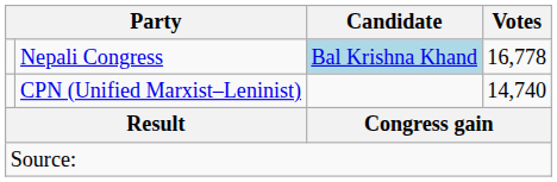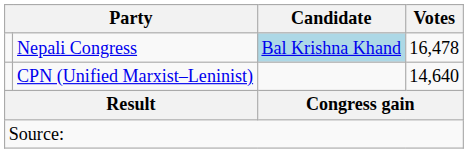 <table class="wikitable">
 <tr>
 <th colspan="2">Party</th>
 <th>Candidate</th>
 <th>Votes</th>
 </tr>
 <tr>
 <td style="background-color:"></td>
 <td><a href='#'>Nepali Congress</a></td>
 <td style="background: lightblue;"><a href='#'>Bal Krishna Khand</a></td>
-<td>16,778</td>
+<td>16,478</td>
 </tr>
 <tr>
 <td style="background-color:"></td>
 <td><a href='#'>CPN (Unified Marxist–Leninist)</a></td>
 <td></td>
-<td>14,740</td>
+<td>14,640</td>
 </tr>
 <tr>
 <th colspan="2">Result</th>
 <th colspan="2">Congress gain</th>
 </tr>
 <tr>
 <td colspan="4">Source: </td>
 </tr>
 </table>
